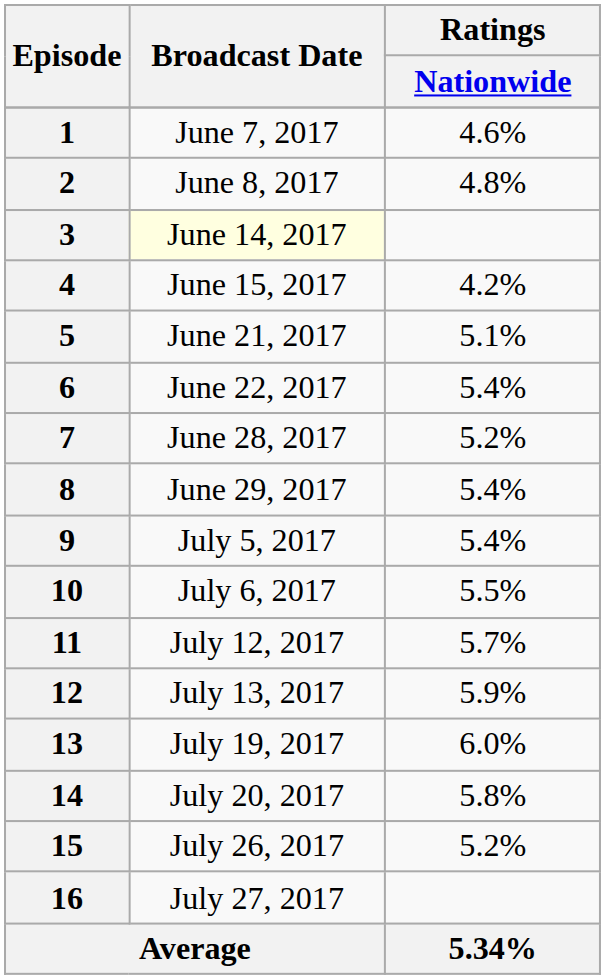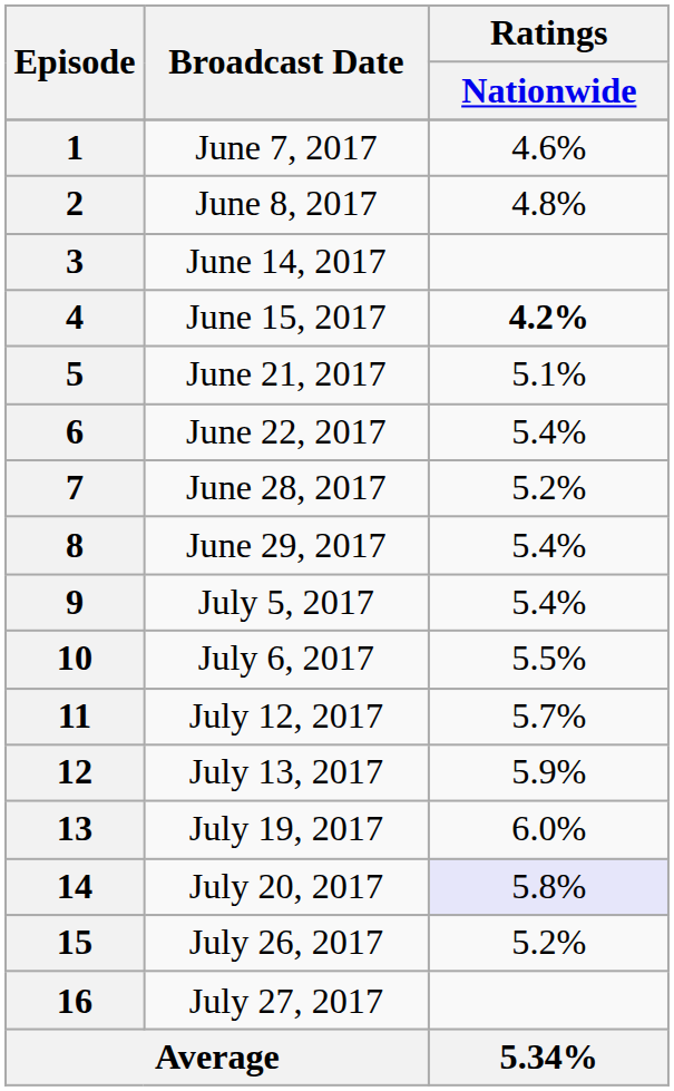 <table class=wikitable style="text-align:center; font-size:100%;" ;>
 <tr>
 <th rowspan="2" width=40>Episode</th>
 <th rowspan="2" width=120>Broadcast Date</th>
 <th colspan="1">Ratings</th>
 </tr>
 <tr>
 <th width=100><a href='#'>Nationwide</a></th>
 </tr>
 <tr>
 </tr>
 <tr>
 <th>1</th>
 <td>June 7, 2017</td>
 <td>4.6%</td>
 </tr>
 <tr>
 <th>2</th>
 <td>June 8, 2017</td>
 <td blue>4.8%</td>
 </tr>
 <tr>
 <th>3</th>
-<td style="background: lightyellow;">June 14, 2017</td>
+<td>June 14, 2017</td>
 <td><strong></strong></td>
 </tr>
 <tr>
 <th>4</th>
 <td>June 15, 2017</td>
-<td>4.2%</td>
+<td><strong>4.2%</strong></td>
 </tr>
 <tr>
 <th>5</th>
 <td>June 21, 2017</td>
 <td>5.1%</td>
 </tr>
 <tr>
 <th>6</th>
 <td>June 22, 2017</td>
 <td>5.4%</td>
 </tr>
 <tr>
 <th>7</th>
 <td>June 28, 2017</td>
 <td>5.2%</td>
 </tr>
 <tr>
 <th>8</th>
 <td>June 29, 2017</td>
 <td>5.4%</td>
 </tr>
 <tr>
 <th>9</th>
 <td>July 5, 2017</td>
 <td>5.4%</td>
 </tr>
 <tr>
 <th>10</th>
 <td>July 6, 2017</td>
 <td>5.5%</td>
 </tr>
 <tr>
 <th>11</th>
 <td>July 12, 2017</td>
 <td>5.7%</td>
 </tr>
 <tr>
 <th>12</th>
 <td>July 13, 2017</td>
 <td>5.9%</td>
 </tr>
 <tr>
 <th>13</th>
 <td>July 19, 2017</td>
 <td>6.0%</td>
 </tr>
 <tr>
 <th>14</th>
 <td>July 20, 2017</td>
-<td>5.8%</td>
+<td style="background: lavender;">5.8%</td>
 </tr>
 <tr>
 <th>15</th>
 <td>July 26, 2017</td>
 <td>5.2%</td>
 </tr>
 <tr>
 <th>16</th>
 <td>July 27, 2017</td>
 <td></td>
 </tr>
 <tr>
 <th colspan=2>Average</th>
 <th>5.34%</th>
 </tr>
 </table>
